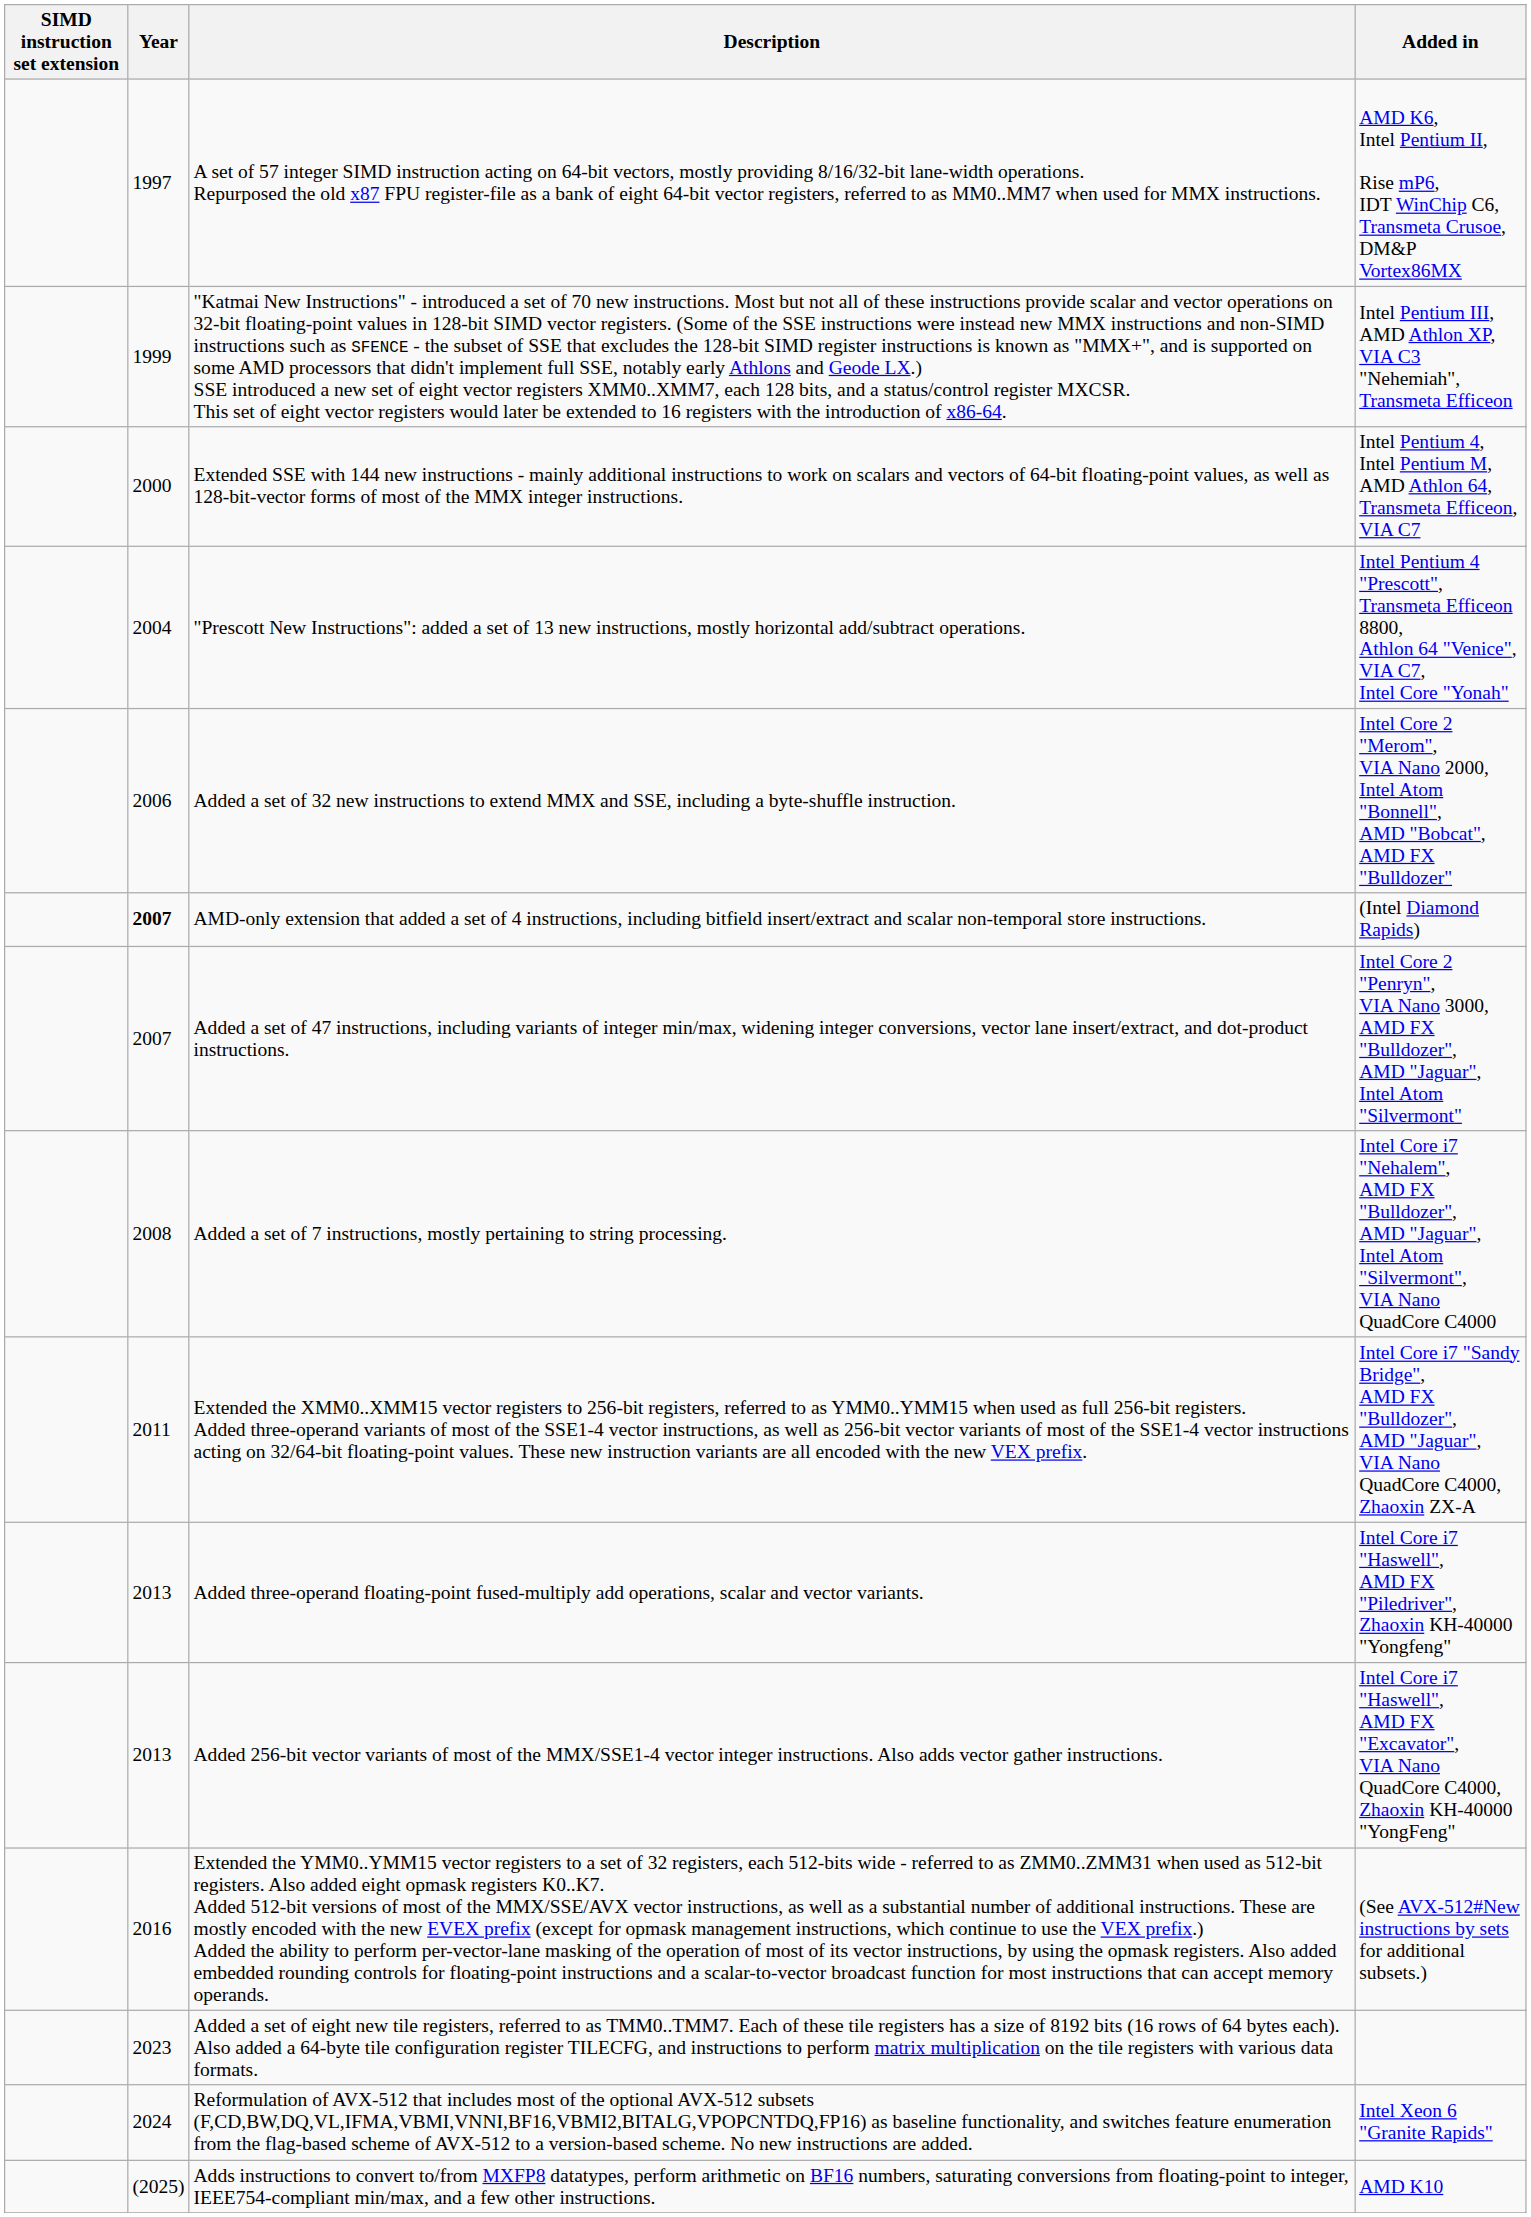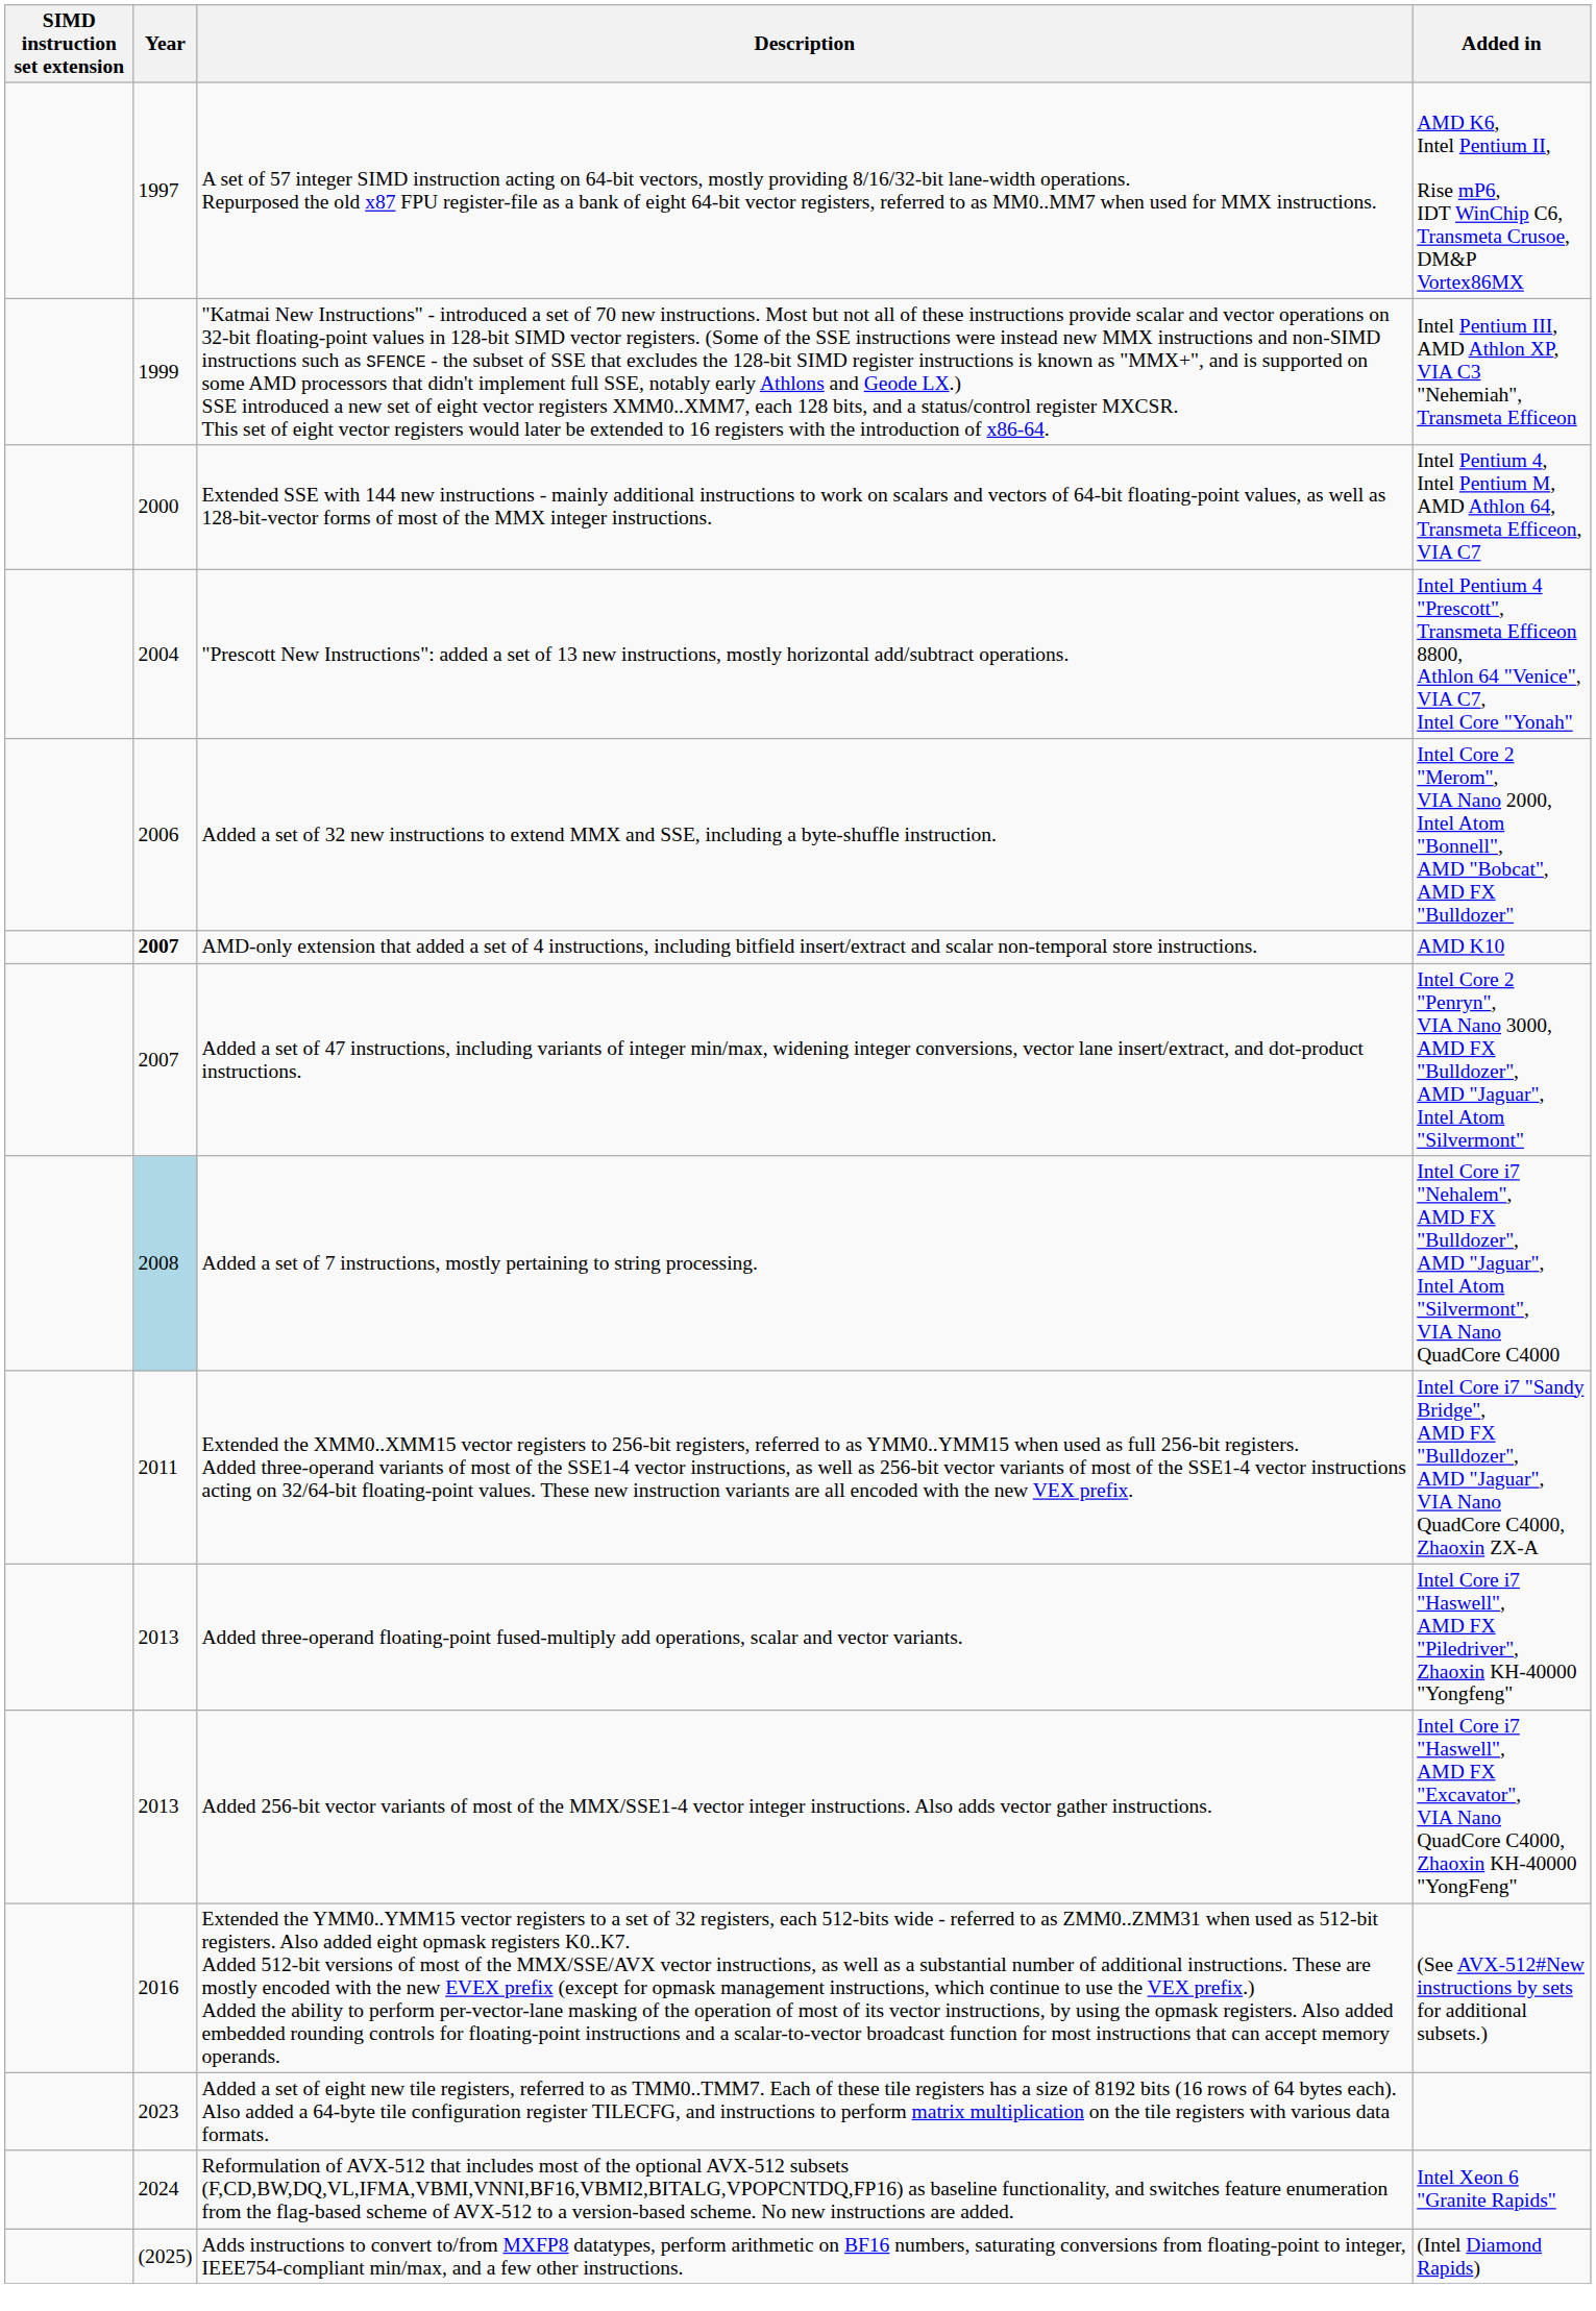 <table class="wikitable sortable sticky-header">
 <tr>
 <th>SIMD instruction set extension</th>
 <th>Year</th>
 <th>Description</th>
 <th>Added in</th>
 </tr>
 <tr>
 <td></td>
 <td>1997</td>
 <td>A set of 57 integer SIMD instruction acting on 64-bit vectors, mostly providing 8/16/32-bit lane-width operations.<br>Repurposed the old <a href='#'>x87</a> FPU register-file as a bank of eight 64-bit vector registers, referred to as MM0..MM7 when used for MMX instructions.</td>
 <td><br><a href='#'>AMD K6</a>,<br>Intel <a href='#'>Pentium II</a>,<br><br>Rise <a href='#'>mP6</a>,<br>IDT <a href='#'>WinChip</a> C6,<br><a href='#'>Transmeta Crusoe</a>,<br>DM&P <a href='#'>Vortex86MX</a></td>
 </tr>
 <tr>
 <td></td>
 <td>1999</td>
 <td>"Katmai New Instructions" - introduced a set of 70 new instructions. Most but not all of these instructions provide scalar and vector operations on 32-bit floating-point values in 128-bit SIMD vector registers. (Some of the SSE instructions were instead new MMX instructions and non-SIMD instructions such as <code>SFENCE</code> - the subset of SSE that excludes the 128-bit SIMD register instructions is known as "MMX+", and is supported on some AMD processors that didn't implement full SSE, notably early <a href='#'>Athlons</a> and <a href='#'>Geode LX</a>.)<br>SSE introduced a new set of eight vector registers XMM0..XMM7, each 128 bits, and a status/control register MXCSR.<br>This set of eight vector registers would later be extended to 16 registers with the introduction of <a href='#'>x86-64</a>.</td>
 <td>Intel <a href='#'>Pentium III</a>,<br>AMD <a href='#'>Athlon XP</a>,<br><a href='#'>VIA C3</a> "Nehemiah",<br><a href='#'>Transmeta Efficeon</a></td>
 </tr>
 <tr>
 <td></td>
 <td>2000</td>
 <td>Extended SSE with 144 new instructions - mainly additional instructions to work on scalars and vectors of 64-bit floating-point values, as well as 128-bit-vector forms of most of the MMX integer instructions.</td>
 <td>Intel <a href='#'>Pentium 4</a>,<br>Intel <a href='#'>Pentium M</a>,<br>AMD <a href='#'>Athlon 64</a>,<br><a href='#'>Transmeta Efficeon</a>,<br><a href='#'>VIA C7</a></td>
 </tr>
 <tr>
 <td></td>
 <td>2004</td>
 <td>"Prescott New Instructions": added a set of 13 new instructions, mostly horizontal add/subtract operations.</td>
 <td><a href='#'>Intel Pentium 4 "Prescott"</a>,<br><a href='#'>Transmeta Efficeon</a> 8800,<br><a href='#'>Athlon 64 "Venice"</a>,<br><a href='#'>VIA C7</a>,<br><a href='#'>Intel Core "Yonah"</a></td>
 </tr>
 <tr>
 <td></td>
 <td>2006</td>
 <td>Added a set of 32 new instructions to extend MMX and SSE, including a byte-shuffle instruction.</td>
 <td><a href='#'>Intel Core 2 "Merom"</a>,<br><a href='#'>VIA Nano</a> 2000,<br><a href='#'>Intel Atom "Bonnell"</a>,<br><a href='#'>AMD "Bobcat"</a>,<br><a href='#'>AMD FX "Bulldozer"</a></td>
 </tr>
 <tr>
 <td></td>
 <td><strong>2007</strong></td>
 <td>AMD-only extension that added a set of 4 instructions, including bitfield insert/extract and scalar non-temporal store instructions.</td>
-<td>(Intel <a href='#'>Diamond Rapids</a>)</td>
+<td><a href='#'>AMD K10</a></td>
 </tr>
 <tr>
 <td></td>
 <td>2007</td>
 <td>Added a set of 47 instructions, including variants of integer min/max, widening integer conversions, vector lane insert/extract, and dot-product instructions.</td>
 <td><a href='#'>Intel Core 2 "Penryn"</a>,<br><a href='#'>VIA Nano</a> 3000,<br><a href='#'>AMD FX "Bulldozer"</a>,<br><a href='#'>AMD "Jaguar"</a>,<br><a href='#'>Intel Atom "Silvermont"</a></td>
 </tr>
 <tr>
 <td></td>
-<td>2008</td>
+<td style="background: lightblue;">2008</td>
 <td>Added a set of 7 instructions, mostly pertaining to string processing.</td>
 <td><a href='#'>Intel Core i7 "Nehalem"</a>,<br><a href='#'>AMD FX "Bulldozer"</a>,<br><a href='#'>AMD "Jaguar"</a>,<br><a href='#'>Intel Atom "Silvermont"</a>,<br><a href='#'>VIA Nano</a> QuadCore C4000</td>
 </tr>
 <tr>
 <td></td>
 <td>2011</td>
 <td>Extended the XMM0..XMM15 vector registers to 256-bit registers, referred to as YMM0..YMM15 when used as full 256-bit registers.<br>Added three-operand variants of most of the SSE1-4 vector instructions, as well as 256-bit vector variants of most of the SSE1-4 vector instructions acting on 32/64-bit floating-point values. These new instruction variants are all encoded with the new <a href='#'>VEX prefix</a>.</td>
 <td><a href='#'>Intel Core i7 "Sandy Bridge"</a>,<br><a href='#'>AMD FX "Bulldozer"</a>,<br><a href='#'>AMD "Jaguar"</a>,<br><a href='#'>VIA Nano</a> QuadCore C4000,<br><a href='#'>Zhaoxin</a> ZX-A</td>
 </tr>
 <tr>
 <td></td>
 <td>2013</td>
 <td>Added three-operand floating-point fused-multiply add operations, scalar and vector variants.</td>
 <td><a href='#'>Intel Core i7 "Haswell"</a>,<br><a href='#'>AMD FX "Piledriver"</a>,<br><a href='#'>Zhaoxin</a> KH-40000 "Yongfeng"</td>
 </tr>
 <tr>
 <td></td>
 <td>2013</td>
 <td>Added 256-bit vector variants of most of the MMX/SSE1-4 vector integer instructions. Also adds vector gather instructions.</td>
 <td><a href='#'>Intel Core i7 "Haswell"</a>,<br><a href='#'>AMD FX "Excavator"</a>,<br><a href='#'>VIA Nano</a> QuadCore C4000,<br><a href='#'>Zhaoxin</a> KH-40000 "YongFeng"</td>
 </tr>
 <tr>
 <td></td>
 <td>2016</td>
 <td>Extended the YMM0..YMM15 vector registers to a set of 32 registers, each 512-bits wide - referred to as ZMM0..ZMM31 when used as 512-bit registers. Also added eight opmask registers K0..K7.<br>Added 512-bit versions of most of the MMX/SSE/AVX vector instructions, as well as a substantial number of additional instructions. These are mostly encoded with the new <a href='#'>EVEX prefix</a> (except for opmask management instructions, which continue to use the <a href='#'>VEX prefix</a>.)<br>Added the ability to perform per-vector-lane masking of the operation of most of its vector instructions, by using the opmask registers. Also added embedded rounding controls for floating-point instructions and a scalar-to-vector broadcast function for most instructions that can accept memory operands.</td>
 <td><br>(See <a href='#'>AVX-512#New instructions by sets</a> for additional subsets.)</td>
 </tr>
 <tr>
 <td></td>
 <td>2023</td>
 <td>Added a set of eight new tile registers, referred to as TMM0..TMM7. Each of these tile registers has a size of 8192 bits (16 rows of 64 bytes each). Also added a 64-byte tile configuration register TILECFG, and instructions to perform <a href='#'>matrix multiplication</a> on the tile registers with various data formats.</td>
 <td></td>
 </tr>
 <tr>
 <td></td>
 <td>2024</td>
 <td>Reformulation of AVX-512 that includes most of the optional AVX-512 subsets (F,CD,BW,DQ,VL,IFMA,VBMI,VNNI,BF16,VBMI2,BITALG,VPOPCNTDQ,FP16) as baseline functionality, and switches feature enumeration from the flag-based scheme of AVX-512 to a version-based scheme. No new instructions are added.</td>
 <td><a href='#'>Intel Xeon 6 "Granite Rapids"</a></td>
 </tr>
 <tr>
 <td></td>
 <td>(2025)</td>
 <td>Adds instructions to convert to/from <a href='#'>MXFP8</a> datatypes, perform arithmetic on <a href='#'>BF16</a> numbers, saturating conversions from floating-point to integer, IEEE754-compliant min/max, and a few other instructions.</td>
-<td><a href='#'>AMD K10</a></td>
+<td>(Intel <a href='#'>Diamond Rapids</a>)</td>
 </tr>
 </table>
